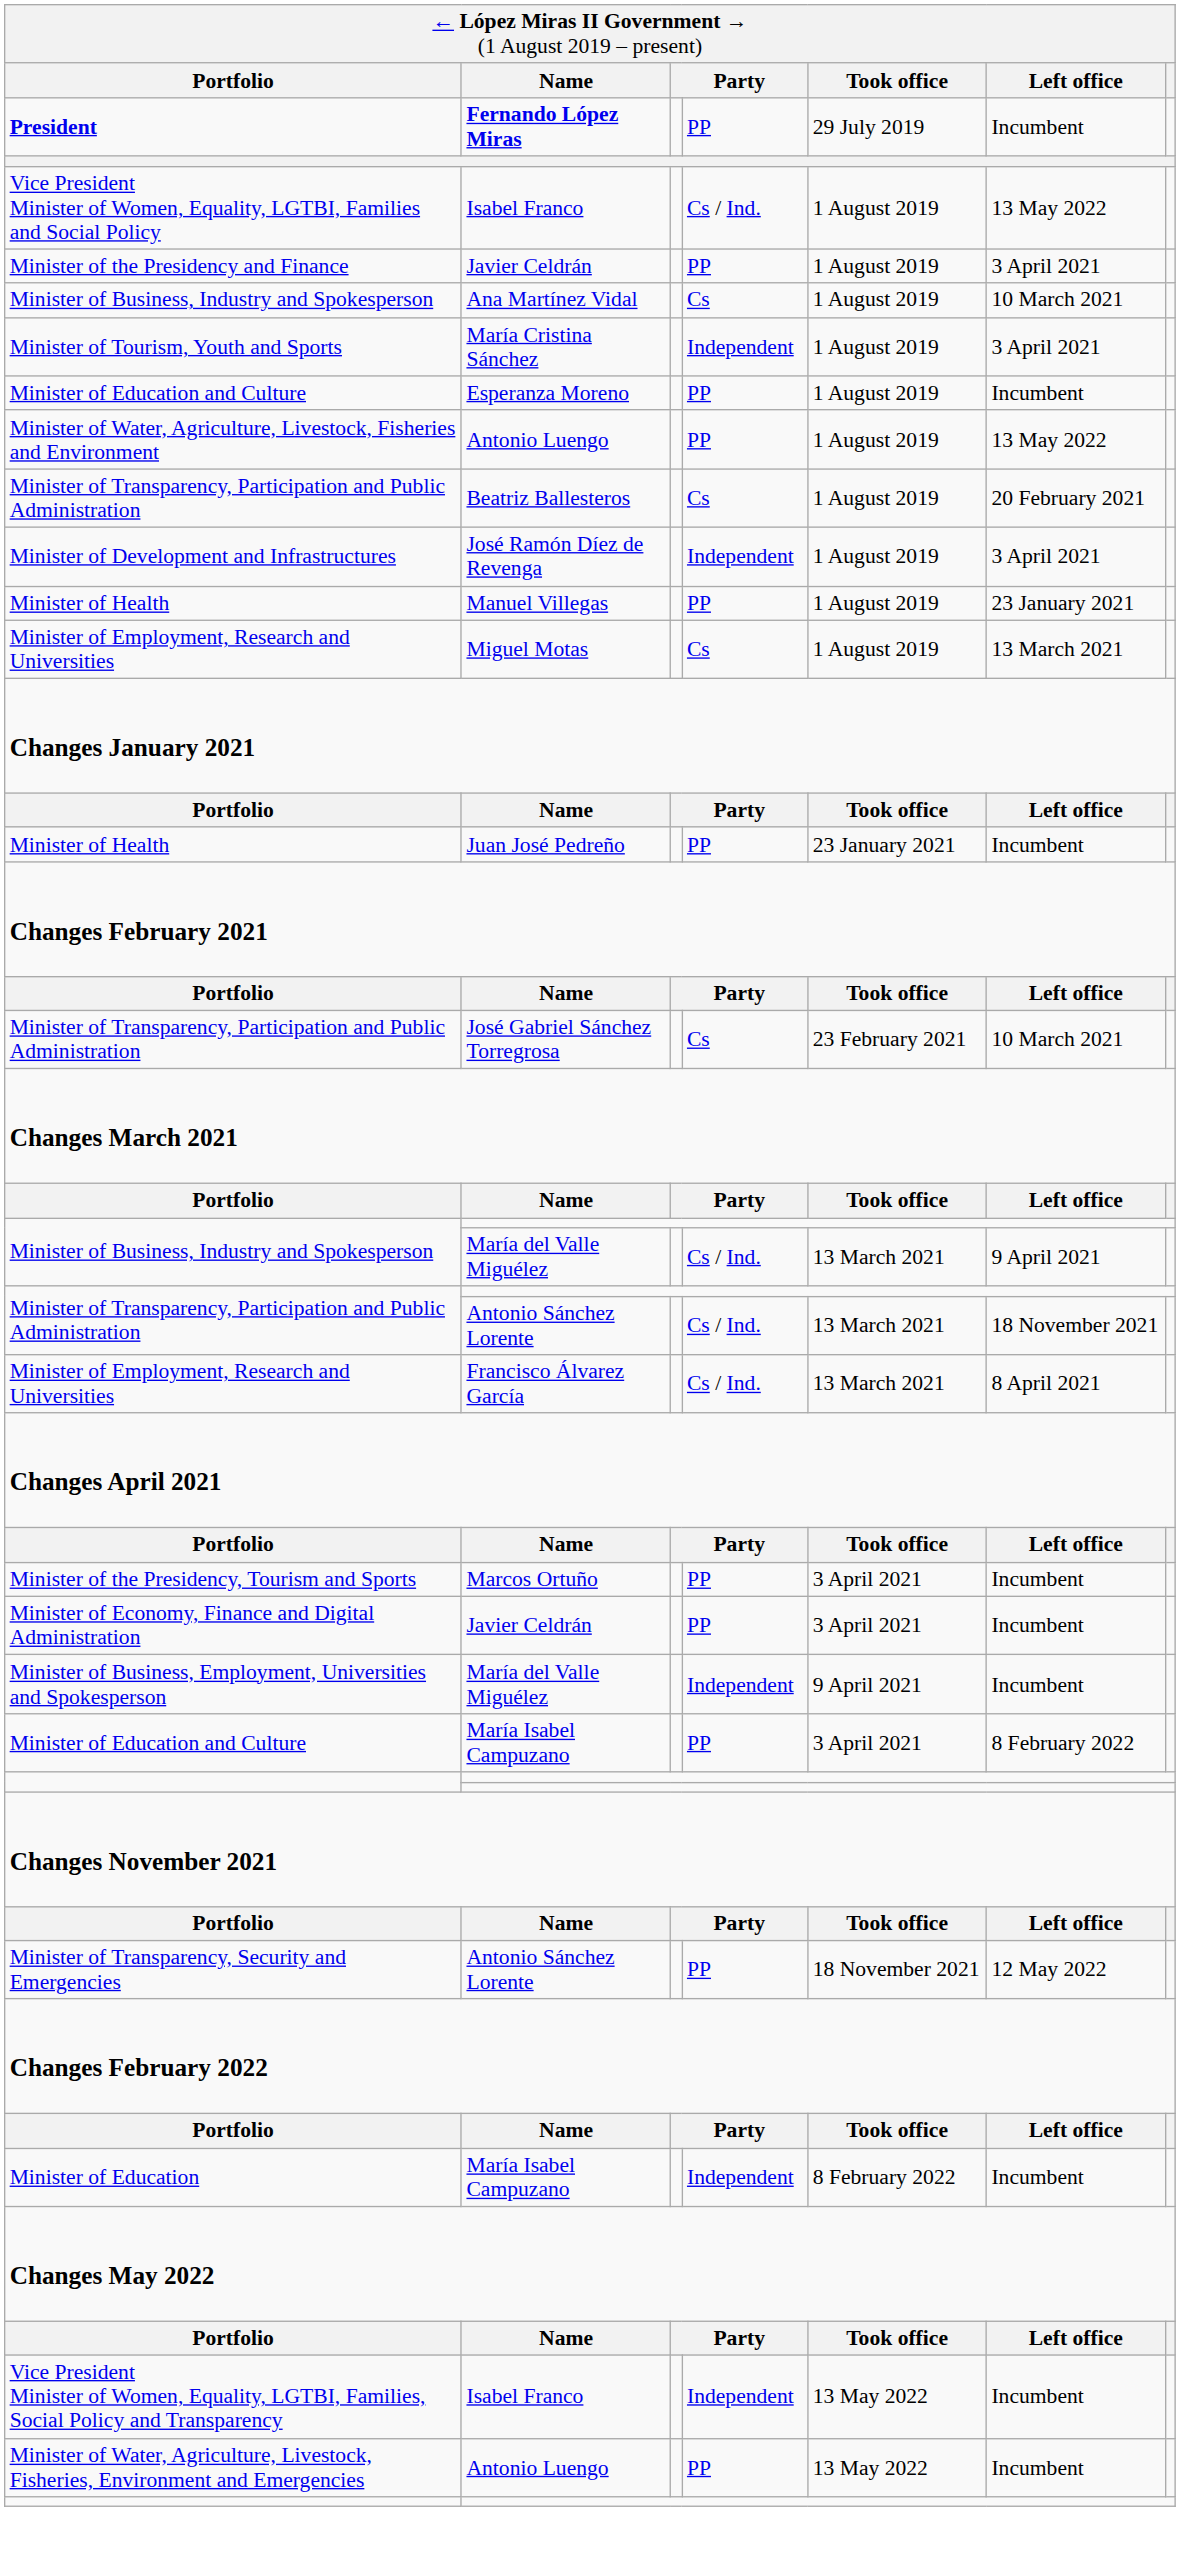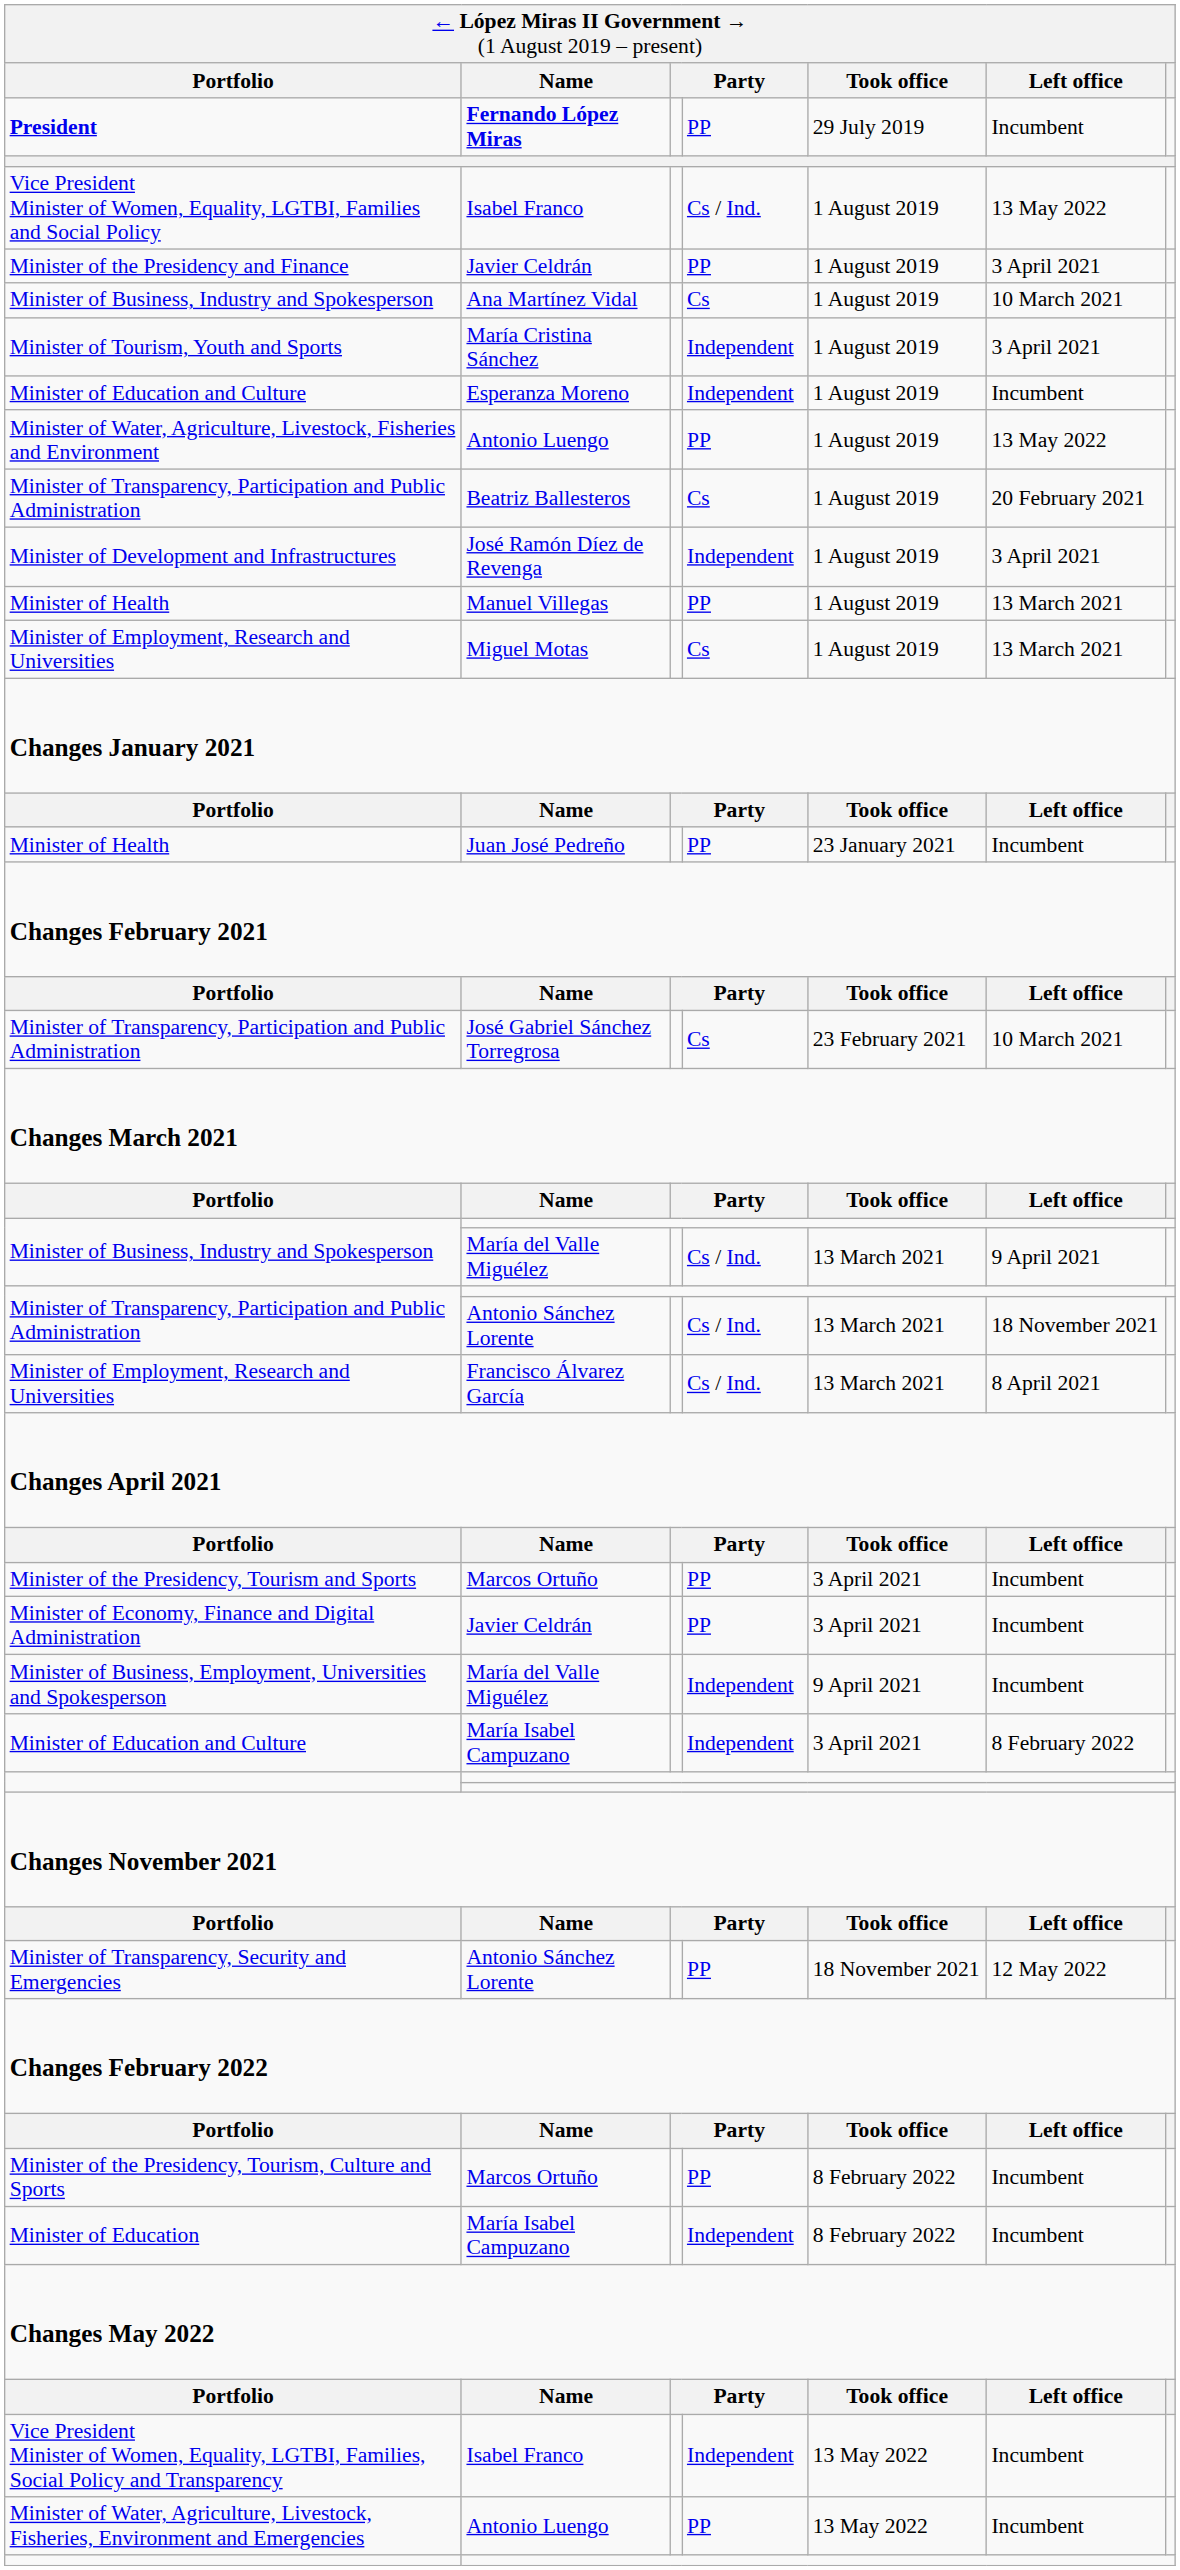 <table class="wikitable">
 <tr>
 <td colspan="7" bgcolor="#F2F2F2" align="center"><a href='#'>←</a> <strong>López Miras II Government</strong> →<br>(1 August 2019 – present)</td>
 </tr>
 <tr>
 <th>Portfolio</th>
 <th>Name</th>
 <th width="100px" colspan="2">Party</th>
 <th width="125px">Took office</th>
 <th width="125px">Left office</th>
 <th></th>
 </tr>
 <tr>
 <td><strong><a href='#'>President</a></strong></td>
 <td><strong><a href='#'>Fernando López Miras</a></strong></td>
 <td width="1" style="background-color:"></td>
 <td><a href='#'>PP</a></td>
 <td>29 July 2019</td>
 <td>Incumbent</td>
 <td align="center"></td>
 </tr>
 <tr>
 <th colspan="7"></th>
 </tr>
 <tr>
 <td><a href='#'>Vice President</a><br><a href='#'>Minister of Women, Equality, LGTBI, Families and Social Policy</a></td>
 <td><a href='#'>Isabel Franco</a></td>
 <td style="background-color:"></td>
 <td><a href='#'>Cs</a> / <a href='#'>Ind.</a></td>
 <td>1 August 2019</td>
 <td>13 May 2022</td>
 <td align="center"><br></td>
 </tr>
 <tr>
 <td><a href='#'>Minister of the Presidency and Finance</a></td>
 <td><a href='#'>Javier Celdrán</a></td>
 <td style="background-color:"></td>
 <td><a href='#'>PP</a></td>
 <td>1 August 2019</td>
 <td>3 April 2021</td>
 <td align="center"></td>
 </tr>
 <tr>
 <td><a href='#'>Minister of Business, Industry and Spokesperson</a></td>
 <td><a href='#'>Ana Martínez Vidal</a></td>
 <td style="background-color:"></td>
 <td><a href='#'>Cs</a></td>
 <td>1 August 2019</td>
 <td>10 March 2021</td>
 <td align="center"></td>
 </tr>
 <tr>
 <td><a href='#'>Minister of Tourism, Youth and Sports</a></td>
 <td><a href='#'>María Cristina Sánchez</a></td>
 <td style="background-color:"></td>
 <td><a href='#'>Independent</a></td>
 <td>1 August 2019</td>
 <td>3 April 2021</td>
 <td align="center"></td>
 </tr>
 <tr>
 <td><a href='#'>Minister of Education and Culture</a></td>
 <td><a href='#'>Esperanza Moreno</a></td>
 <td style="background-color:"></td>
-<td><a href='#'>PP</a></td>
+<td><a href='#'>Independent</a></td>
 <td>1 August 2019</td>
 <td>Incumbent</td>
 <td align="center"></td>
 </tr>
 <tr>
 <td><a href='#'>Minister of Water, Agriculture, Livestock, Fisheries and Environment</a></td>
 <td><a href='#'>Antonio Luengo</a></td>
 <td style="background-color:"></td>
 <td><a href='#'>PP</a></td>
 <td>1 August 2019</td>
 <td>13 May 2022</td>
 <td align="center"></td>
 </tr>
 <tr>
 <td><a href='#'>Minister of Transparency, Participation and Public Administration</a></td>
 <td><a href='#'>Beatriz Ballesteros</a></td>
 <td style="background-color:"></td>
 <td><a href='#'>Cs</a> </td>
 <td>1 August 2019</td>
 <td>20 February 2021</td>
 <td align="center"></td>
 </tr>
 <tr>
 <td><a href='#'>Minister of Development and Infrastructures</a></td>
 <td><a href='#'>José Ramón Díez de Revenga</a></td>
 <td style="background-color:"></td>
 <td><a href='#'>Independent</a></td>
 <td>1 August 2019</td>
 <td>3 April 2021</td>
 <td align="center"></td>
 </tr>
 <tr>
 <td><a href='#'>Minister of Health</a></td>
 <td><a href='#'>Manuel Villegas</a></td>
 <td style="background-color:"></td>
 <td><a href='#'>PP</a> </td>
 <td>1 August 2019</td>
-<td>23 January 2021</td>
+<td>13 March 2021</td>
 <td align="center"></td>
 </tr>
 <tr>
 <td><a href='#'>Minister of Employment, Research and Universities</a></td>
 <td><a href='#'>Miguel Motas</a></td>
 <td style="background-color:"></td>
 <td><a href='#'>Cs</a> </td>
 <td>1 August 2019</td>
 <td>13 March 2021</td>
 <td align="center"></td>
 </tr>
 <tr>
 <td colspan="7"><br><h3>Changes January 2021</h3></td>
 </tr>
 <tr>
 <th>Portfolio</th>
 <th>Name</th>
 <th colspan="2">Party</th>
 <th>Took office</th>
 <th>Left office</th>
 <th></th>
 </tr>
 <tr>
 <td><a href='#'>Minister of Health</a></td>
 <td><a href='#'>Juan José Pedreño</a></td>
 <td style="background-color:"></td>
 <td><a href='#'>PP</a> </td>
 <td>23 January 2021</td>
 <td>Incumbent</td>
 <td align="center"></td>
 </tr>
 <tr>
 <td colspan="7"><br><h3>Changes February 2021</h3></td>
 </tr>
 <tr>
 <th>Portfolio</th>
 <th>Name</th>
 <th colspan="2">Party</th>
 <th>Took office</th>
 <th>Left office</th>
 <th></th>
 </tr>
 <tr>
 <td><a href='#'>Minister of Transparency, Participation and Public Administration</a></td>
 <td><a href='#'>José Gabriel Sánchez Torregrosa</a></td>
 <td style="background-color:"></td>
 <td><a href='#'>Cs</a></td>
 <td>23 February 2021</td>
 <td>10 March 2021</td>
 <td align="center"></td>
 </tr>
 <tr>
 <td colspan="7"><br><h3>Changes March 2021</h3></td>
 </tr>
 <tr>
 <th>Portfolio</th>
 <th>Name</th>
 <th colspan="2">Party</th>
 <th>Took office</th>
 <th>Left office</th>
 <th></th>
 </tr>
 <tr>
 <td rowspan="2"><a href='#'>Minister of Business, Industry and Spokesperson</a></td>
 <td colspan="6"></td>
 </tr>
 <tr>
 <td><a href='#'>María del Valle Miguélez</a></td>
 <td style="background-color:"></td>
 <td><a href='#'>Cs</a> / <a href='#'>Ind.</a></td>
 <td>13 March 2021</td>
 <td>9 April 2021</td>
 <td align="center"></td>
 </tr>
 <tr>
 <td rowspan="2"><a href='#'>Minister of Transparency, Participation and Public Administration</a></td>
 <td colspan="6"></td>
 </tr>
 <tr>
 <td><a href='#'>Antonio Sánchez Lorente</a></td>
 <td style="background-color:"></td>
 <td><a href='#'>Cs</a> / <a href='#'>Ind.</a></td>
 <td>13 March 2021</td>
 <td>18 November 2021</td>
 <td align="center"></td>
 </tr>
 <tr>
 <td><a href='#'>Minister of Employment, Research and Universities</a></td>
 <td><a href='#'>Francisco Álvarez García</a></td>
 <td style="background-color:"></td>
 <td><a href='#'>Cs</a> / <a href='#'>Ind.</a></td>
 <td>13 March 2021</td>
 <td>8 April 2021</td>
 <td align="center"></td>
 </tr>
 <tr>
 <td colspan="7"><br><h3>Changes April 2021</h3></td>
 </tr>
 <tr>
 <th>Portfolio</th>
 <th>Name</th>
 <th colspan="2">Party</th>
 <th>Took office</th>
 <th>Left office</th>
 <th></th>
 </tr>
 <tr>
 <td><a href='#'>Minister of the Presidency, Tourism and Sports</a></td>
 <td><a href='#'>Marcos Ortuño</a></td>
 <td style="background-color:"></td>
 <td><a href='#'>PP</a></td>
 <td>3 April 2021</td>
 <td>Incumbent</td>
 <td align="center"></td>
 </tr>
 <tr>
 <td><a href='#'>Minister of Economy, Finance and Digital Administration</a></td>
 <td><a href='#'>Javier Celdrán</a></td>
 <td style="background-color:"></td>
 <td><a href='#'>PP</a></td>
 <td>3 April 2021</td>
 <td>Incumbent</td>
 <td align="center"></td>
 </tr>
 <tr>
 <td><a href='#'>Minister of Business, Employment, Universities and Spokesperson</a></td>
 <td><a href='#'>María del Valle Miguélez</a></td>
 <td style="background-color:"></td>
 <td><a href='#'>Independent</a></td>
 <td>9 April 2021</td>
 <td>Incumbent</td>
 <td align="center"></td>
 </tr>
 <tr>
 <td><a href='#'>Minister of Education and Culture</a></td>
 <td><a href='#'>María Isabel Campuzano</a></td>
 <td style="background-color:"></td>
-<td><a href='#'>PP</a></td>
+<td><a href='#'>Independent</a></td>
 <td>3 April 2021</td>
 <td>8 February 2022</td>
 <td align="center"></td>
 </tr>
 <tr>
 <td rowspan="2"></td>
 <td colspan="6"></td>
 </tr>
 <tr>
 <td colspan="6"></td>
 </tr>
 <tr>
 <td colspan="7"><br><h3>Changes November 2021</h3></td>
 </tr>
 <tr>
 <th>Portfolio</th>
 <th>Name</th>
 <th colspan="2">Party</th>
 <th>Took office</th>
 <th>Left office</th>
 <th></th>
 </tr>
 <tr>
 <td><a href='#'>Minister of Transparency, Security and Emergencies</a></td>
 <td><a href='#'>Antonio Sánchez Lorente</a></td>
 <td style="background-color:"></td>
 <td><a href='#'>PP</a></td>
 <td>18 November 2021</td>
 <td>12 May 2022</td>
 <td align="center"></td>
 </tr>
 <tr>
 <td colspan="7"><br><h3>Changes February 2022</h3></td>
 </tr>
 <tr>
 <th>Portfolio</th>
 <th>Name</th>
 <th colspan="2">Party</th>
 <th>Took office</th>
 <th>Left office</th>
 <th></th>
+</tr>
+<tr>
+<td><a href='#'>Minister of the Presidency, Tourism, Culture and Sports</a></td>
+<td><a href='#'>Marcos Ortuño</a></td>
+<td style="background-color:"></td>
+<td><a href='#'>PP</a></td>
+<td>8 February 2022</td>
+<td>Incumbent</td>
+<td align="center"></td>
 </tr>
 <tr>
 <td><a href='#'>Minister of Education</a></td>
 <td><a href='#'>María Isabel Campuzano</a></td>
 <td style="background-color:"></td>
 <td><a href='#'>Independent</a></td>
 <td>8 February 2022</td>
 <td>Incumbent</td>
 <td align="center"></td>
 </tr>
 <tr>
 <td colspan="7"><br><h3>Changes May 2022</h3></td>
 </tr>
 <tr>
 <th>Portfolio</th>
 <th>Name</th>
 <th colspan="2">Party</th>
 <th>Took office</th>
 <th>Left office</th>
 <th></th>
 </tr>
 <tr>
 <td><a href='#'>Vice President</a><br><a href='#'>Minister of Women, Equality, LGTBI, Families, Social Policy and Transparency</a></td>
 <td><a href='#'>Isabel Franco</a></td>
 <td style="background-color:"></td>
 <td><a href='#'>Independent</a></td>
 <td>13 May 2022</td>
 <td>Incumbent</td>
 <td align="center"></td>
 </tr>
 <tr>
 <td><a href='#'>Minister of Water, Agriculture, Livestock, Fisheries, Environment and Emergencies</a></td>
 <td><a href='#'>Antonio Luengo</a></td>
 <td style="background-color:"></td>
 <td><a href='#'>PP</a></td>
 <td>13 May 2022</td>
 <td>Incumbent</td>
 <td align="center"></td>
 </tr>
 <tr>
 <td></td>
 <td colspan="6"></td>
 </tr>
 </table>
